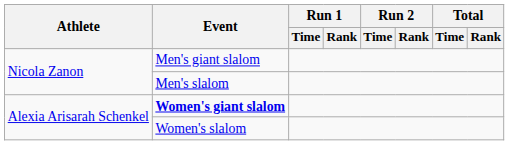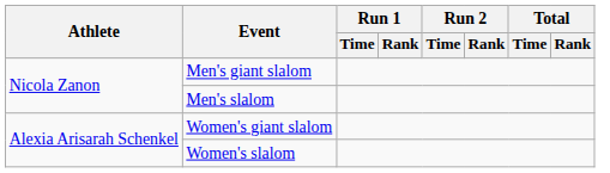 <table class="wikitable" style="font-size:90%">
 <tr>
 <th rowspan=2>Athlete</th>
 <th rowspan=2>Event</th>
 <th colspan=2>Run 1</th>
 <th colspan=2>Run 2</th>
 <th colspan=2>Total</th>
 </tr>
 <tr style="font-size:95%">
 <th>Time</th>
 <th>Rank</th>
 <th>Time</th>
 <th>Rank</th>
 <th>Time</th>
 <th>Rank</th>
 </tr>
 <tr align=center>
 <td align=left rowspan=2><a href='#'>Nicola Zanon</a></td>
 <td align=left><a href='#'>Men's giant slalom</a></td>
 <td colspan=6></td>
 </tr>
 <tr align=center>
 <td align=left><a href='#'>Men's slalom</a></td>
 <td colspan=6></td>
 </tr>
 <tr align=center>
 <td align=left rowspan=2><a href='#'>Alexia Arisarah Schenkel</a></td>
-<td align=left><strong><a href='#'>Women's giant slalom</a></strong></td>
+<td align=left><a href='#'>Women's giant slalom</a></td>
 <td colspan=6></td>
 </tr>
 <tr align=center>
 <td align=left><a href='#'>Women's slalom</a></td>
 <td colspan=6></td>
 </tr>
 </table>
